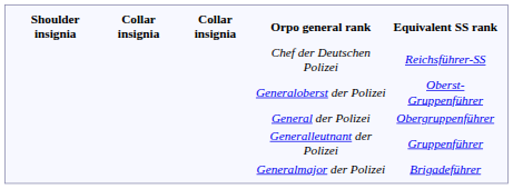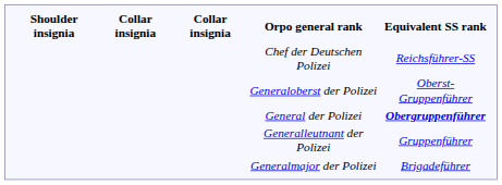 <table style="border:1px solid #8888aa; background-color:#f7f8ff; padding:5px; font-size:95%; margin: 0px 12px 12px 0px;">
 <tr style="text-align:center;">
 <th>Shoulder insignia</th>
 <th>Collar insignia</th>
 <th>Collar insignia</th>
 <th>Orpo general rank</th>
 <th>Equivalent SS rank</th>
 </tr>
 <tr style="text-align:center;">
 <td></td>
 <td colspan=2></td>
 <td><em>Chef der Deutschen Polizei</em></td>
 <td><em><a href='#'>Reichsführer-SS</a></em></td>
 </tr>
 <tr style="text-align:center;">
 <td></td>
 <td rowspan=4></td>
 <td></td>
 <td><em><a href='#'>Generaloberst</a> der Polizei</em></td>
 <td><em> <a href='#'>Oberst-Gruppenführer</a></em></td>
 </tr>
 <tr style="text-align:center;">
 <td></td>
 <td></td>
 <td><em><a href='#'>General</a> der Polizei</em></td>
-<td><em><a href='#'>Obergruppenführer</a></em></td>
+<td><strong><em><a href='#'>Obergruppenführer</a></em></strong></td>
 </tr>
 <tr style="text-align:center;">
 <td></td>
 <td></td>
 <td><em><a href='#'>Generalleutnant</a> der Polizei</em></td>
 <td><em><a href='#'>Gruppenführer</a></em></td>
 </tr>
 <tr style="text-align:center;">
 <td></td>
 <td></td>
 <td><em><a href='#'>Generalmajor</a> der Polizei</em></td>
 <td><em><a href='#'>Brigadeführer</a></em></td>
 </tr>
 </table>
